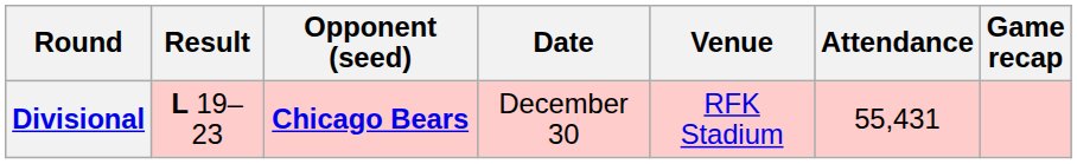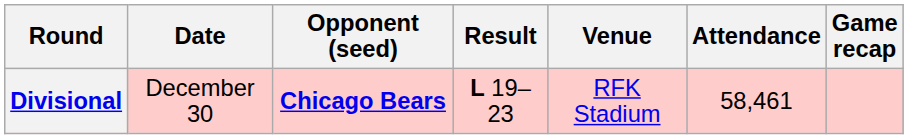 <table class="wikitable" style="text-align:center">
 <tr>
 <th>Round</th>
+<th>Date</th>
+<th>Opponent (seed)</th>
 <th>Result</th>
-<th>Opponent (seed)</th>
-<th>Date</th>
 <th>Venue</th>
 <th>Attendance</th>
 <th>Game<br>recap</th>
 </tr>
 <tr style="background:#fcc">
 <th><a href='#'>Divisional</a></th>
+<td>December 30</td>
+<td><strong><a href='#'>Chicago Bears</a></strong></td>
 <td><strong>L</strong> 19–23</td>
-<td><strong><a href='#'>Chicago Bears</a></strong></td>
-<td>December 30</td>
 <td><a href='#'>RFK Stadium</a></td>
-<td>55,431</td>
+<td>58,461</td>
 <td></td>
 </tr>
 </table>
